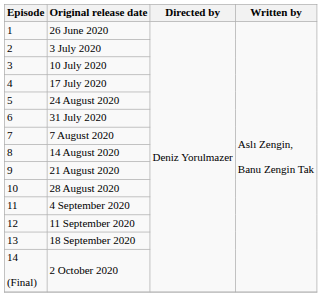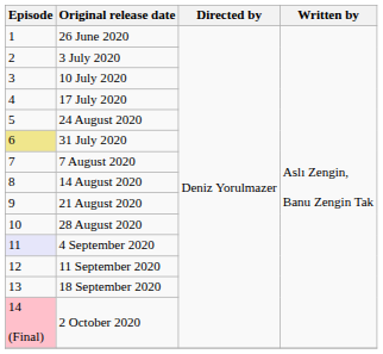 <table class="wikitable">
 <tr>
 <th>Episode</th>
 <th>Original release date</th>
 <th>Directed by</th>
 <th>Written by</th>
 </tr>
 <tr>
 <td>1</td>
 <td>26 June 2020</td>
 <td rowspan="14">Deniz Yorulmazer</td>
 <td rowspan="14">Aslı Zengin,<br><br>Banu Zengin Tak</td>
 </tr>
 <tr>
 <td>2</td>
 <td>3 July 2020</td>
 </tr>
 <tr>
 <td>3</td>
 <td>10 July 2020</td>
 </tr>
 <tr>
 <td>4</td>
 <td>17 July 2020</td>
 </tr>
 <tr>
 <td>5</td>
 <td>24 August 2020</td>
 </tr>
 <tr>
-<td>6</td>
+<td style="background: khaki;">6</td>
 <td>31 July 2020</td>
 </tr>
 <tr>
 <td>7</td>
 <td>7 August 2020</td>
 </tr>
 <tr>
 <td>8</td>
 <td>14 August 2020</td>
 </tr>
 <tr>
 <td>9</td>
 <td>21 August 2020</td>
 </tr>
 <tr>
 <td>10</td>
 <td>28 August 2020</td>
 </tr>
 <tr>
-<td>11</td>
+<td style="background: lavender;">11</td>
 <td>4 September 2020</td>
 </tr>
 <tr>
 <td>12</td>
 <td>11 September 2020</td>
 </tr>
 <tr>
 <td>13</td>
 <td>18 September 2020</td>
 </tr>
 <tr>
-<td>14<br><br>(Final)</td>
+<td style="background: pink;">14<br><br>(Final)</td>
 <td>2 October 2020</td>
 </tr>
 <tr>
 </tr>
 </table>
